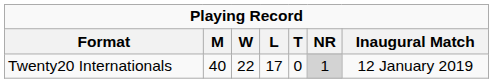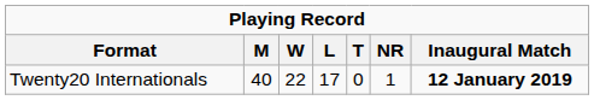 <table class="wikitable" style="text-align: center; width: 500px;">
 <tr>
 <td colspan=7 align="center"><strong>Playing Record</strong></td>
 </tr>
 <tr>
 <th>Format</th>
 <th>M</th>
 <th>W</th>
 <th>L</th>
 <th>T</th>
 <th>NR</th>
 <th>Inaugural Match</th>
 </tr>
 <tr>
 <td align="left">Twenty20 Internationals</td>
 <td>40</td>
 <td>22</td>
 <td>17</td>
 <td>0</td>
-<td style="background: lightgrey;">1</td>
-<td>12 January 2019</td>
+<td>1</td>
+<td><strong>12 January 2019</strong></td>
 </tr>
 </table>
